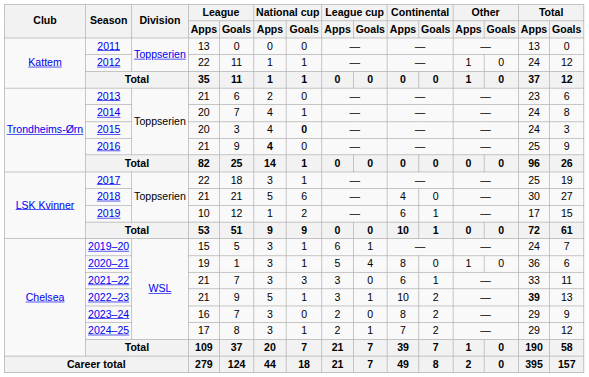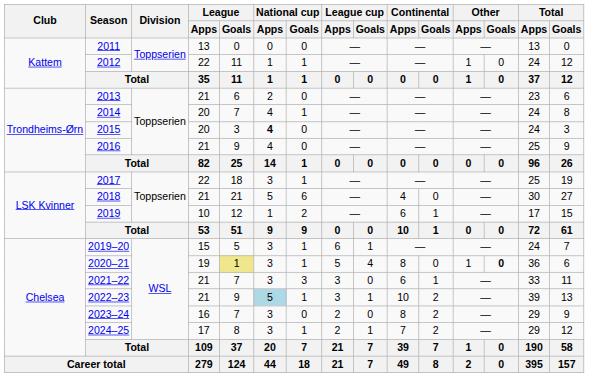 <table class="wikitable" style="text-align:center">
 <tr>
 <th rowspan="2">Club</th>
 <th rowspan="2">Season</th>
 <th rowspan="2">Division</th>
 <th colspan="2">League</th>
 <th colspan="2">National cup</th>
 <th colspan="2">League cup</th>
 <th colspan="2">Continental</th>
 <th colspan="2">Other</th>
 <th colspan="2">Total</th>
 </tr>
 <tr>
 <th>Apps</th>
 <th>Goals</th>
 <th>Apps</th>
 <th>Goals</th>
 <th>Apps</th>
 <th>Goals</th>
 <th>Apps</th>
 <th>Goals</th>
 <th>Apps</th>
 <th>Goals</th>
 <th>Apps</th>
 <th>Goals</th>
 </tr>
 <tr>
 <td rowspan="3" valign="center"><a href='#'>Kattem</a></td>
 <td><a href='#'>2011</a></td>
 <td rowspan="2" valign="center"><a href='#'>Toppserien</a></td>
 <td>13</td>
 <td>0</td>
 <td>0</td>
 <td>0</td>
 <td colspan="2">—</td>
 <td colspan="2">—</td>
 <td colspan="2">—</td>
 <td>13</td>
 <td>0</td>
 </tr>
 <tr>
 <td><a href='#'>2012</a></td>
 <td>22</td>
 <td>11</td>
 <td>1</td>
 <td>1</td>
 <td colspan="2">—</td>
 <td colspan="2">—</td>
 <td>1</td>
 <td>0</td>
 <td>24</td>
 <td>12</td>
 </tr>
 <tr>
 <th colspan="2">Total</th>
 <th>35</th>
 <th>11</th>
 <th>1</th>
 <th>1</th>
 <th>0</th>
 <th>0</th>
 <th>0</th>
 <th>0</th>
 <th>1</th>
 <th>0</th>
 <th>37</th>
 <th>12</th>
 </tr>
 <tr>
 <td rowspan="5" valign="center"><a href='#'>Trondheims-Ørn</a></td>
 <td><a href='#'>2013</a></td>
 <td rowspan="4" valign="center">Toppserien</td>
 <td>21</td>
 <td>6</td>
 <td>2</td>
 <td>0</td>
 <td colspan="2">—</td>
 <td colspan="2">—</td>
 <td colspan="2">—</td>
 <td>23</td>
 <td>6</td>
 </tr>
 <tr>
 <td><a href='#'>2014</a></td>
 <td>20</td>
 <td>7</td>
 <td>4</td>
 <td>1</td>
 <td colspan="2">—</td>
 <td colspan="2">—</td>
 <td colspan="2">—</td>
 <td>24</td>
 <td>8</td>
 </tr>
 <tr>
 <td><a href='#'>2015</a></td>
 <td>20</td>
 <td>3</td>
-<td>4</td>
-<td><strong>0</strong></td>
+<td><strong>4</strong></td>
+<td>0</td>
 <td colspan="2">—</td>
 <td colspan="2">—</td>
 <td colspan="2">—</td>
 <td>24</td>
 <td>3</td>
 </tr>
 <tr>
 <td><a href='#'>2016</a></td>
 <td>21</td>
 <td>9</td>
-<td><strong>4</strong></td>
+<td>4</td>
 <td>0</td>
 <td colspan="2">—</td>
 <td colspan="2">—</td>
 <td colspan="2">—</td>
 <td>25</td>
 <td>9</td>
 </tr>
 <tr>
 <th colspan="2">Total</th>
 <th>82</th>
 <th>25</th>
 <th>14</th>
 <th>1</th>
 <th>0</th>
 <th>0</th>
 <th>0</th>
 <th>0</th>
 <th>0</th>
 <th>0</th>
 <th>96</th>
 <th>26</th>
 </tr>
 <tr>
 <td rowspan="4" valign="center"><a href='#'>LSK Kvinner</a></td>
 <td><a href='#'>2017</a></td>
 <td rowspan="3" valign="center">Toppserien</td>
 <td>22</td>
 <td>18</td>
 <td>3</td>
 <td>1</td>
 <td colspan="2">—</td>
 <td colspan="2">—</td>
 <td colspan="2">—</td>
 <td>25</td>
 <td>19</td>
 </tr>
 <tr>
 <td><a href='#'>2018</a></td>
 <td>21</td>
 <td>21</td>
 <td>5</td>
 <td>6</td>
 <td colspan="2">—</td>
 <td>4</td>
 <td>0</td>
 <td colspan="2">—</td>
 <td>30</td>
 <td>27</td>
 </tr>
 <tr>
 <td><a href='#'>2019</a></td>
 <td>10</td>
 <td>12</td>
 <td>1</td>
 <td>2</td>
 <td colspan="2">—</td>
 <td>6</td>
 <td>1</td>
 <td colspan="2">—</td>
 <td>17</td>
 <td>15</td>
 </tr>
 <tr>
 <th colspan="2">Total</th>
 <th>53</th>
 <th>51</th>
 <th>9</th>
 <th>9</th>
 <th>0</th>
 <th>0</th>
 <th>10</th>
 <th>1</th>
 <th>0</th>
 <th>0</th>
 <th>72</th>
 <th>61</th>
 </tr>
 <tr>
 <td rowspan="7" valign="center"><a href='#'>Chelsea</a></td>
 <td><a href='#'>2019–20</a></td>
 <td rowspan="6" valign="center"><a href='#'>WSL</a></td>
 <td>15</td>
 <td>5</td>
 <td>3</td>
 <td>1</td>
 <td>6</td>
 <td>1</td>
 <td colspan="2">—</td>
 <td colspan="2">—</td>
 <td>24</td>
 <td>7</td>
 </tr>
 <tr>
 <td><a href='#'>2020–21</a></td>
 <td>19</td>
-<td>1</td>
+<td style="background: khaki;">1</td>
 <td>3</td>
 <td>1</td>
 <td>5</td>
 <td>4</td>
 <td>8</td>
 <td>0</td>
 <td>1</td>
-<td>0</td>
+<td><strong>0</strong></td>
 <td>36</td>
 <td>6</td>
 </tr>
 <tr>
 <td><a href='#'>2021–22</a></td>
 <td>21</td>
 <td>7</td>
 <td>3</td>
 <td>3</td>
 <td>3</td>
 <td>0</td>
 <td>6</td>
 <td>1</td>
 <td colspan="2">—</td>
 <td>33</td>
 <td>11</td>
 </tr>
 <tr>
 <td><a href='#'>2022–23</a></td>
 <td>21</td>
 <td>9</td>
-<td>5</td>
+<td style="background: lightblue;">5</td>
 <td>1</td>
 <td>3</td>
 <td>1</td>
 <td>10</td>
 <td>2</td>
 <td colspan="2">—</td>
-<td><strong>39</strong></td>
+<td>39</td>
 <td>13</td>
 </tr>
 <tr>
 <td><a href='#'>2023–24</a></td>
 <td>16</td>
 <td>7</td>
 <td>3</td>
 <td>0</td>
 <td>2</td>
 <td>0</td>
 <td>8</td>
 <td>2</td>
 <td colspan="2">—</td>
 <td>29</td>
 <td>9</td>
 </tr>
 <tr>
 <td><a href='#'>2024–25</a></td>
 <td>17</td>
 <td>8</td>
 <td>3</td>
 <td>1</td>
 <td>2</td>
 <td>1</td>
 <td>7</td>
 <td>2</td>
 <td colspan="2">—</td>
 <td>29</td>
 <td>12</td>
 </tr>
 <tr>
 <th colspan="2">Total</th>
 <th>109</th>
 <th>37</th>
 <th>20</th>
 <th>7</th>
 <th>21</th>
 <th>7</th>
 <th>39</th>
 <th>7</th>
 <th>1</th>
 <th>0</th>
 <th>190</th>
 <th>58</th>
 </tr>
 <tr>
 <th colspan="3">Career total</th>
 <th>279</th>
 <th>124</th>
 <th>44</th>
 <th>18</th>
 <th>21</th>
 <th>7</th>
 <th>49</th>
 <th>8</th>
 <th>2</th>
 <th>0</th>
 <th>395</th>
 <th>157</th>
 </tr>
 </table>
